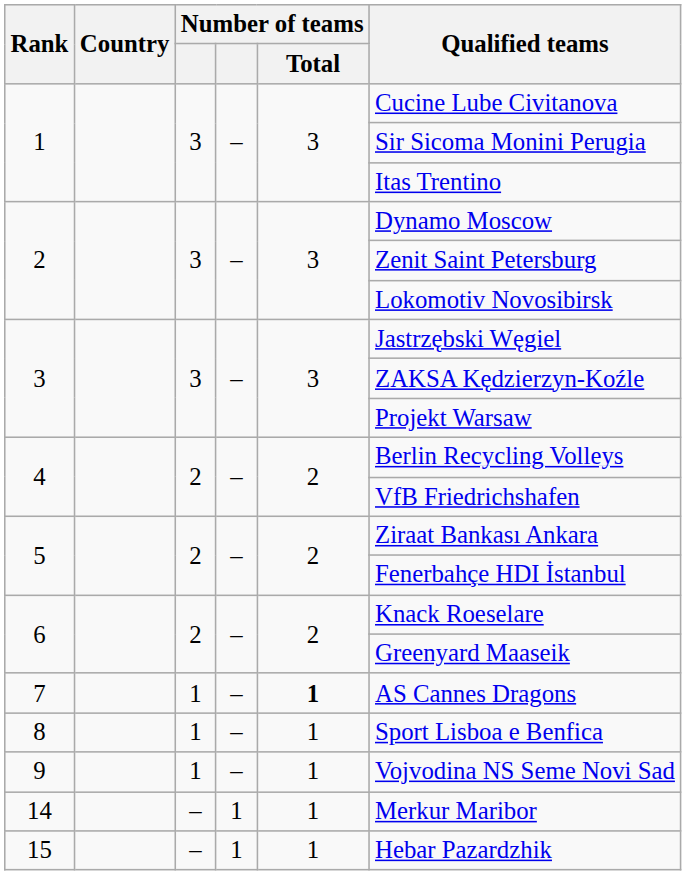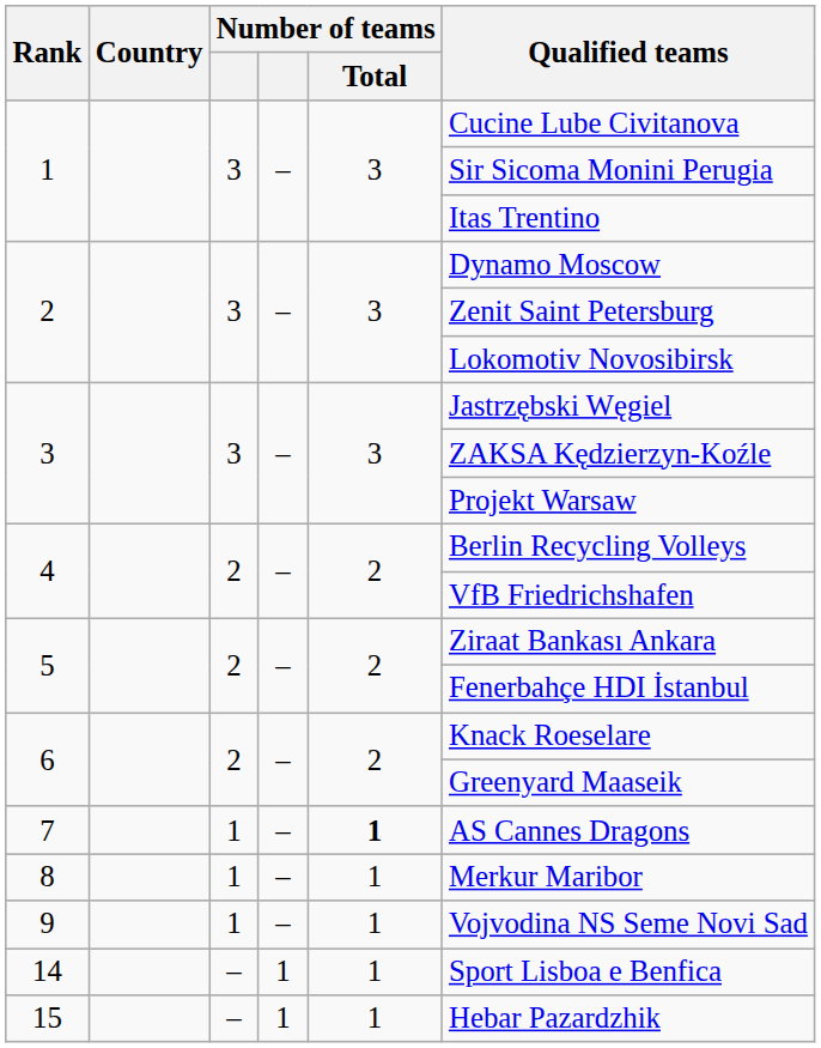 <table class="wikitable" style="text-align:left">
 <tr>
 <th rowspan=2>Rank</th>
 <th rowspan=2>Country</th>
 <th colspan=3>Number of teams</th>
 <th rowspan=2>Qualified teams</th>
 </tr>
 <tr>
 <th></th>
 <th></th>
 <th>Total</th>
 </tr>
 <tr>
 <td rowspan="3" align="center">1</td>
 <td rowspan="3"></td>
 <td rowspan="3" align="center">3</td>
 <td rowspan="3" align="center">–</td>
 <td align="center" rowspan="3">3</td>
 <td><a href='#'>Cucine Lube Civitanova</a></td>
 </tr>
 <tr>
 <td><a href='#'>Sir Sicoma Monini Perugia</a></td>
 </tr>
 <tr>
 <td><a href='#'>Itas Trentino</a></td>
 </tr>
 <tr>
 <td rowspan="3" align="center">2</td>
 <td rowspan="3"></td>
 <td rowspan="3" align="center">3</td>
 <td rowspan="3" align="center">–</td>
 <td align="center" rowspan="3">3</td>
 <td><a href='#'>Dynamo Moscow</a></td>
 </tr>
 <tr>
 <td><a href='#'>Zenit Saint Petersburg</a></td>
 </tr>
 <tr>
 <td><a href='#'>Lokomotiv Novosibirsk</a></td>
 </tr>
 <tr>
 <td rowspan="3" align="center">3</td>
 <td rowspan="3"></td>
 <td rowspan="3" align="center">3</td>
 <td rowspan="3" align="center">–</td>
 <td align="center" rowspan="3">3</td>
 <td><a href='#'>Jastrzębski Węgiel</a></td>
 </tr>
 <tr>
 <td><a href='#'>ZAKSA Kędzierzyn-Koźle</a></td>
 </tr>
 <tr>
 <td><a href='#'>Projekt Warsaw</a></td>
 </tr>
 <tr>
 <td rowspan="2" align="center">4</td>
 <td rowspan="2"></td>
 <td rowspan="2" align="center">2</td>
 <td rowspan="2" align="center">–</td>
 <td align="center" rowspan="2">2</td>
 <td><a href='#'>Berlin Recycling Volleys</a></td>
 </tr>
 <tr>
 <td><a href='#'>VfB Friedrichshafen</a></td>
 </tr>
 <tr>
 <td rowspan="2" align="center">5</td>
 <td rowspan="2"></td>
 <td rowspan="2" align="center">2</td>
 <td rowspan="2" align="center">–</td>
 <td align="center" rowspan="2">2</td>
 <td><a href='#'>Ziraat Bankası Ankara</a></td>
 </tr>
 <tr>
 <td><a href='#'>Fenerbahçe HDI İstanbul</a></td>
 </tr>
 <tr>
 <td rowspan="2" align="center">6</td>
 <td rowspan="2"></td>
 <td rowspan="2" align="center">2</td>
 <td rowspan="2" align="center">–</td>
 <td align="center" rowspan="2">2</td>
 <td><a href='#'>Knack Roeselare</a></td>
 </tr>
 <tr>
 <td><a href='#'>Greenyard Maaseik</a></td>
 </tr>
 <tr>
 <td align="center">7</td>
 <td></td>
 <td align="center">1</td>
 <td align="center">–</td>
 <td align="center"><strong>1</strong></td>
 <td><a href='#'>AS Cannes Dragons</a></td>
 </tr>
 <tr>
 <td align="center">8</td>
 <td></td>
 <td align="center">1</td>
 <td align="center">–</td>
 <td align="center">1</td>
-<td><a href='#'>Sport Lisboa e Benfica</a></td>
+<td><a href='#'>Merkur Maribor</a></td>
 </tr>
 <tr>
 <td align="center">9</td>
 <td></td>
 <td align="center">1</td>
 <td align="center">–</td>
 <td align="center">1</td>
 <td><a href='#'>Vojvodina NS Seme Novi Sad</a></td>
 </tr>
 <tr>
 <td align="center">14</td>
 <td></td>
 <td align="center">–</td>
 <td align="center">1</td>
 <td align="center">1</td>
-<td><a href='#'>Merkur Maribor</a></td>
+<td><a href='#'>Sport Lisboa e Benfica</a></td>
 </tr>
 <tr>
 <td align="center">15</td>
 <td></td>
 <td align="center">–</td>
 <td align="center">1</td>
 <td align="center">1</td>
 <td><a href='#'>Hebar Pazardzhik</a></td>
 </tr>
 </table>
